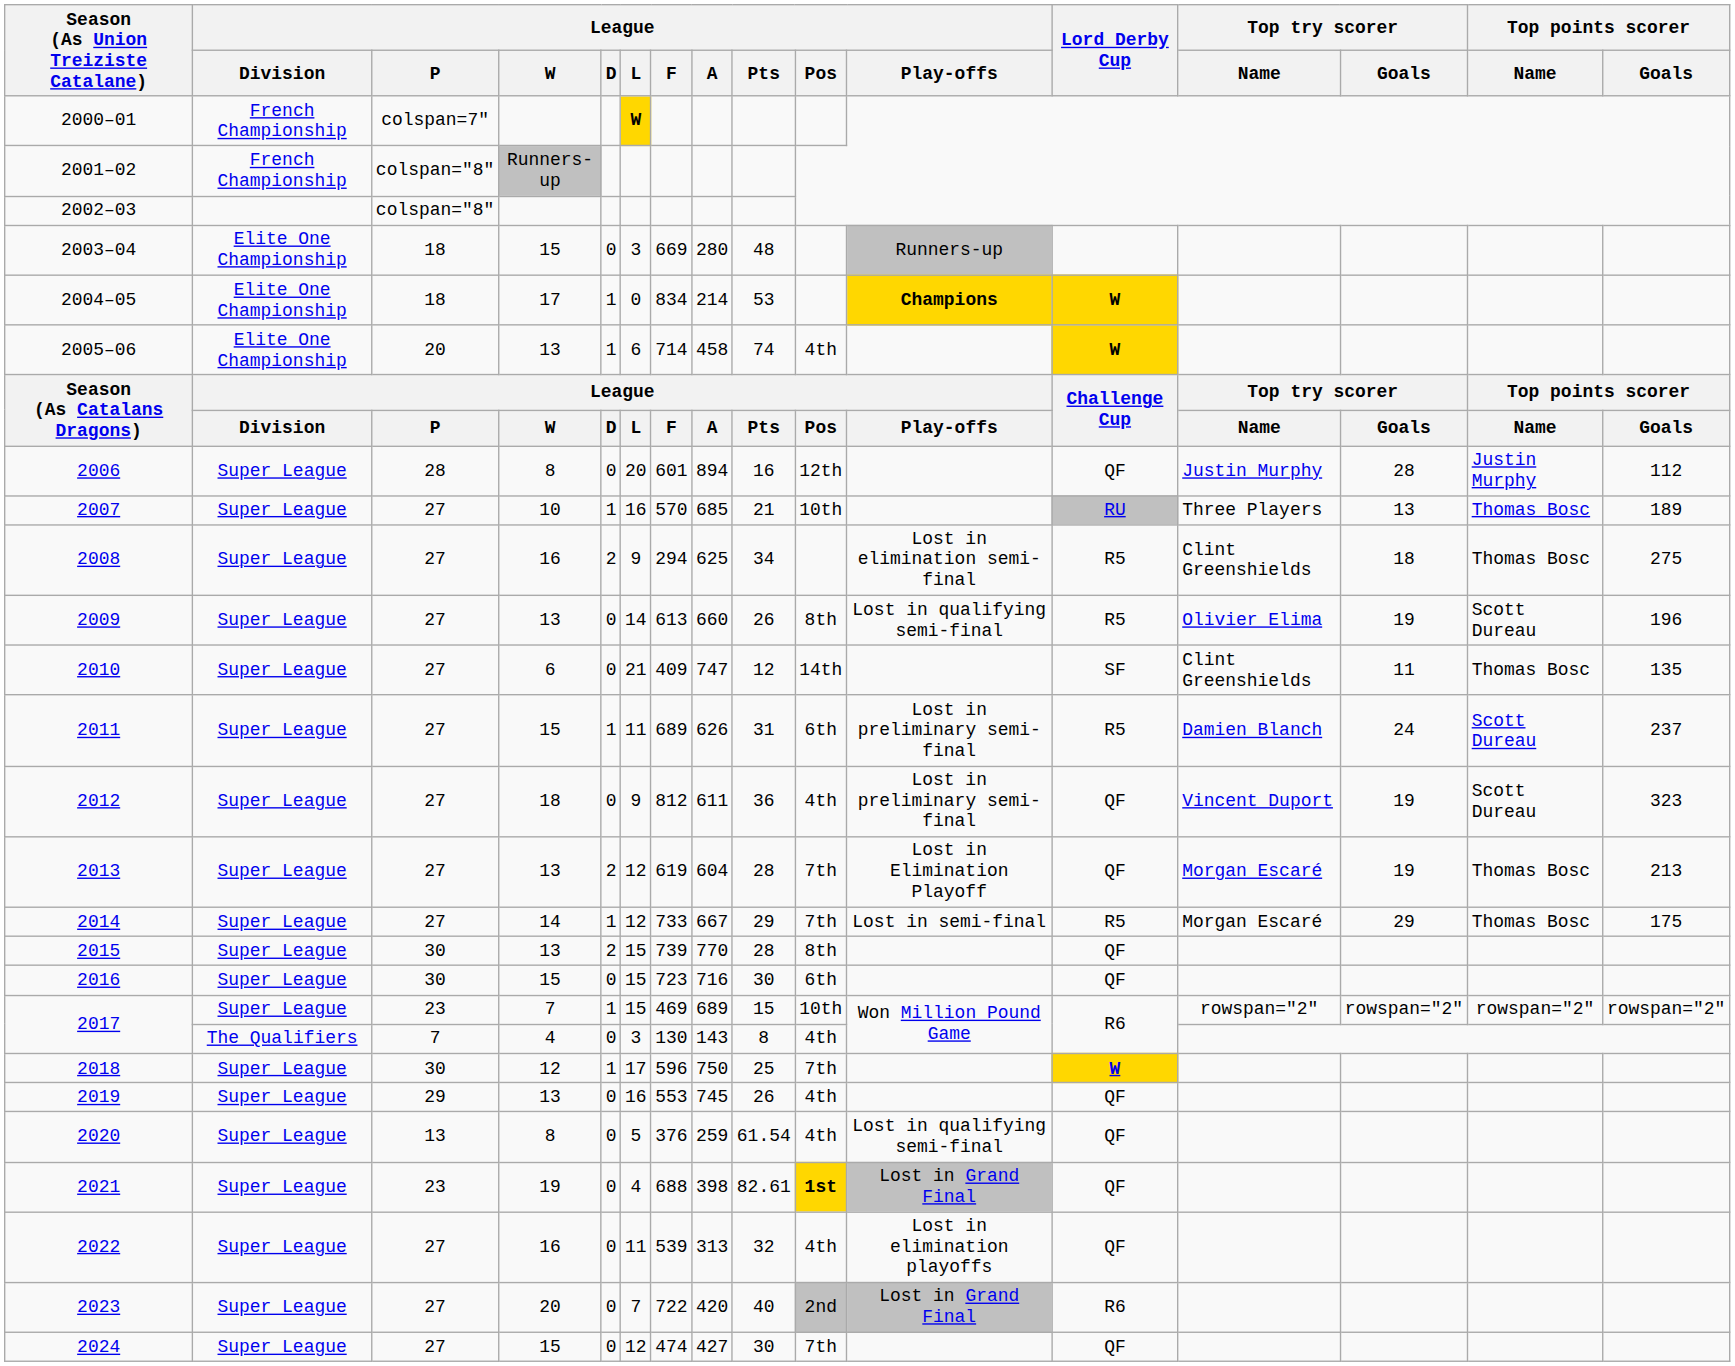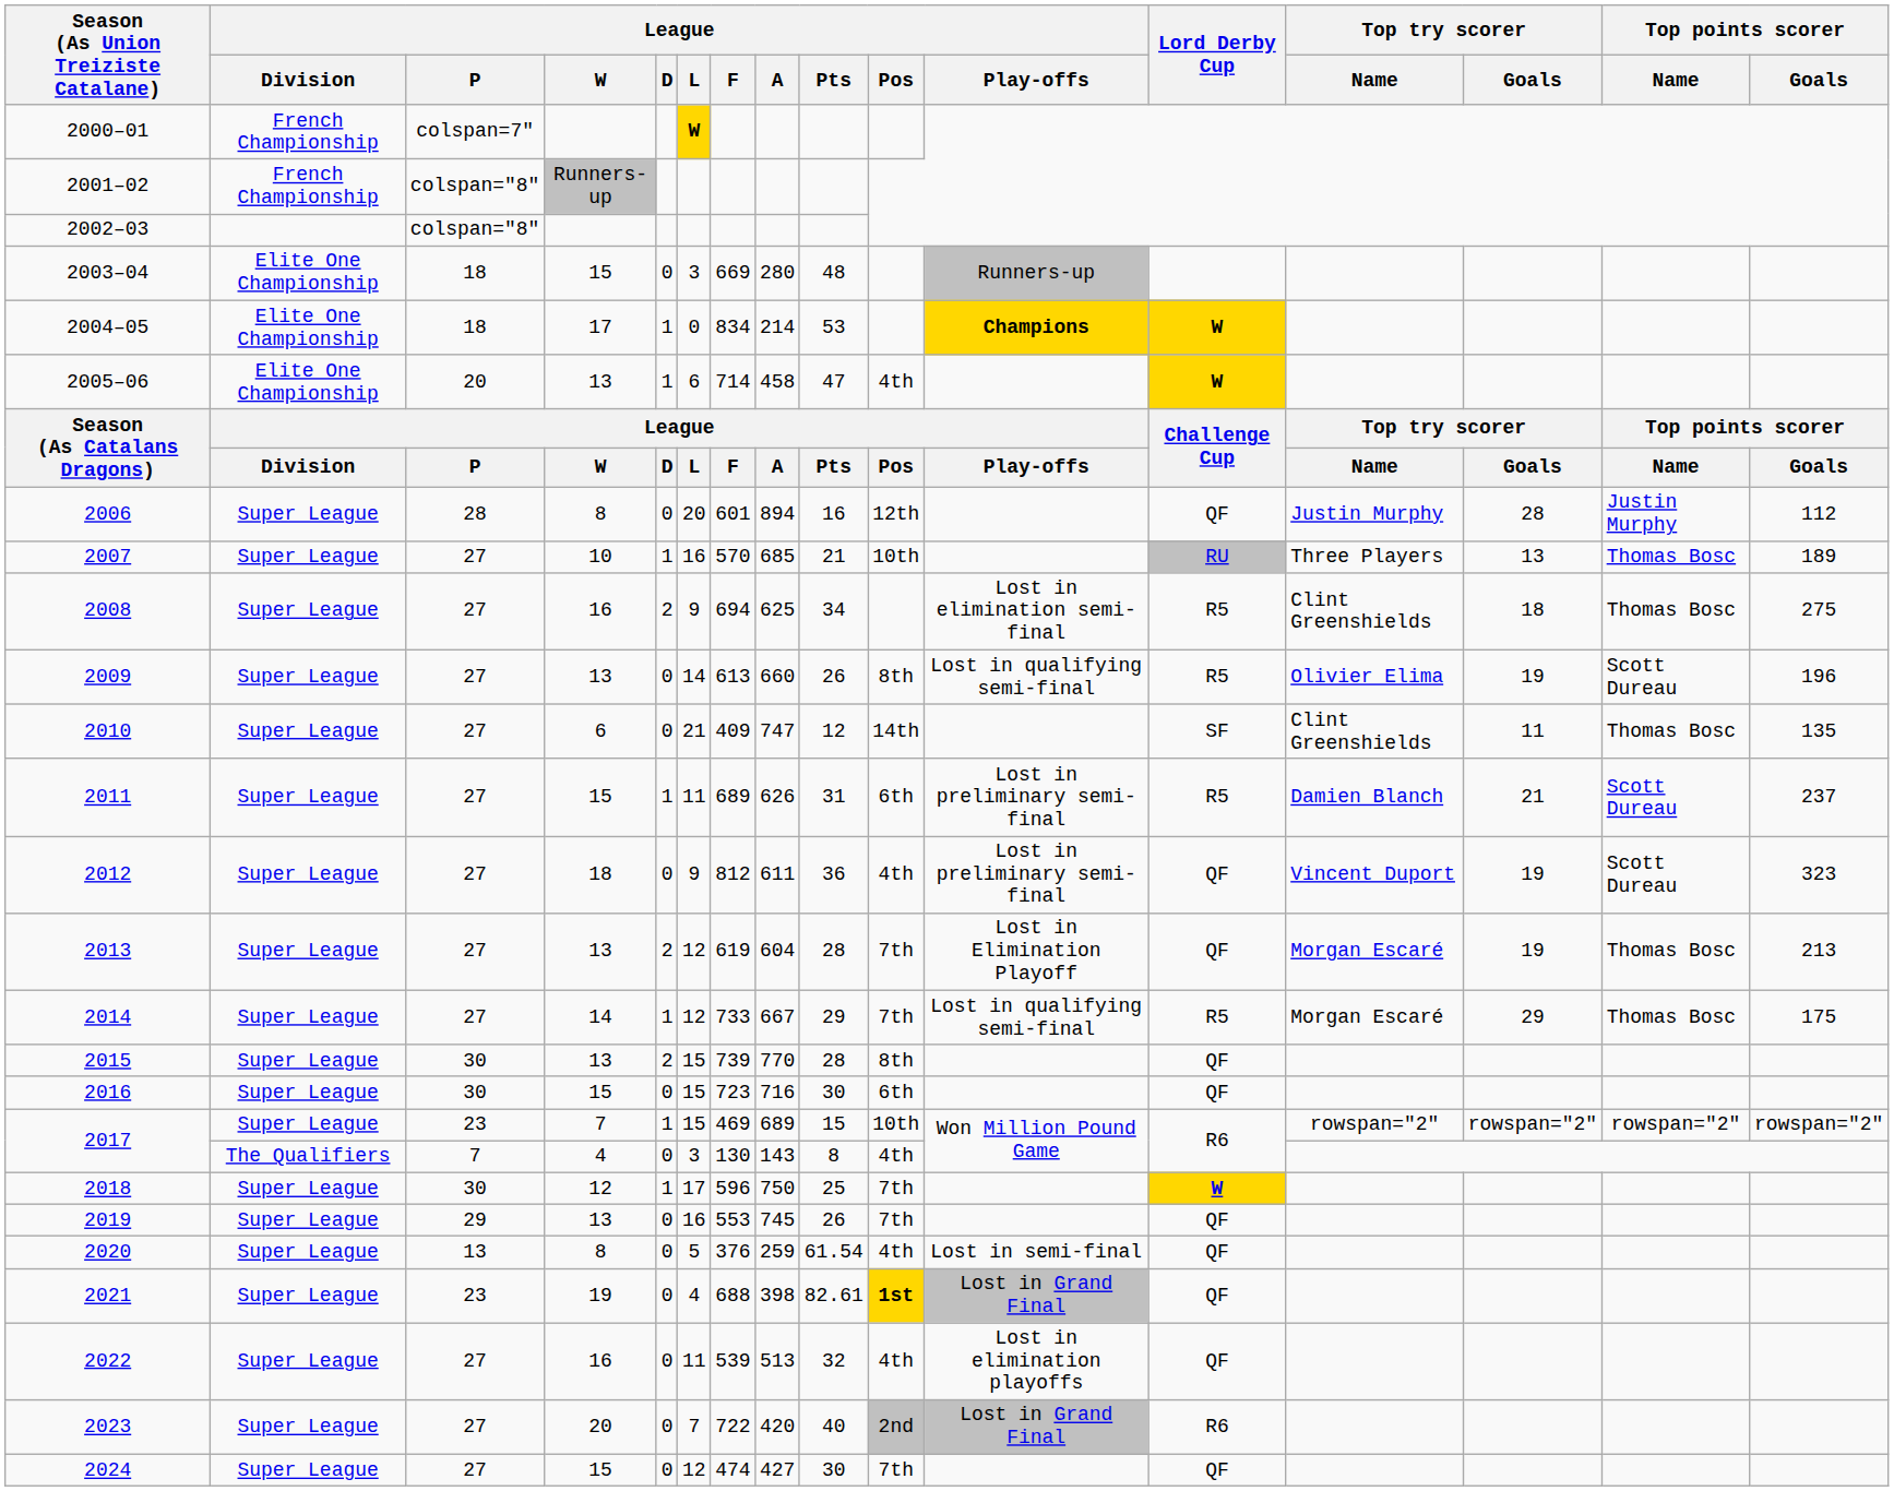 <table class="wikitable" style="text-align: center">
 <tr>
 <th rowspan=2>Season<br>(As  <a href='#'>Union Treiziste Catalane</a>)</th>
 <th colspan=10>League</th>
 <th rowspan=2><a href='#'>Lord Derby Cup</a></th>
 <th colspan=2>Top try scorer</th>
 <th colspan=2>Top points scorer</th>
 </tr>
 <tr>
 <th>Division</th>
 <th>P</th>
 <th>W</th>
 <th>D</th>
 <th>L</th>
 <th>F</th>
 <th>A</th>
 <th>Pts</th>
 <th>Pos</th>
 <th>Play-offs</th>
 <th>Name</th>
 <th>Goals</th>
 <th>Name</th>
 <th>Goals</th>
 </tr>
 <tr>
 <td>2000–01</td>
 <td><a href='#'>French Championship</a></td>
 <td>colspan=7"</td>
 <td></td>
 <td></td>
 <td bgcolor=gold><strong>W</strong></td>
 <td></td>
 <td></td>
 <td></td>
 <td></td>
 </tr>
 <tr>
 <td>2001–02</td>
 <td><a href='#'>French Championship</a></td>
 <td>colspan="8"</td>
 <td bgcolor=silver>Runners-up</td>
 <td></td>
 <td></td>
 <td></td>
 <td></td>
 <td></td>
 </tr>
 <tr>
 <td>2002–03</td>
 <td></td>
 <td>colspan="8"</td>
 <td></td>
 <td></td>
 <td></td>
 <td></td>
 <td></td>
 <td></td>
 </tr>
 <tr>
 <td>2003–04</td>
 <td><a href='#'>Elite One Championship</a></td>
 <td>18</td>
 <td>15</td>
 <td>0</td>
 <td>3</td>
 <td>669</td>
 <td>280</td>
 <td>48</td>
 <td></td>
 <td bgcolor=silver>Runners-up</td>
 <td></td>
 <td></td>
 <td></td>
 <td></td>
 <td></td>
 </tr>
 <tr>
 <td>2004–05</td>
 <td><a href='#'>Elite One Championship</a></td>
 <td>18</td>
 <td>17</td>
 <td>1</td>
 <td>0</td>
 <td>834</td>
 <td>214</td>
 <td>53</td>
 <td></td>
 <td bgcolor=gold><strong>Champions</strong></td>
 <td bgcolor=gold><strong>W</strong></td>
 <td></td>
 <td></td>
 <td></td>
 <td></td>
 </tr>
 <tr>
 <td>2005–06</td>
 <td><a href='#'>Elite One Championship</a></td>
 <td>20</td>
 <td>13</td>
 <td>1</td>
 <td>6</td>
 <td>714</td>
 <td>458</td>
-<td>74</td>
+<td>47</td>
 <td>4th</td>
 <td></td>
 <td bgcolor=gold><strong>W</strong></td>
 <td></td>
 <td></td>
 <td></td>
 <td></td>
 </tr>
 <tr>
 <th rowspan=2>Season<br>(As  <a href='#'>Catalans Dragons</a>)</th>
 <th colspan=10>League</th>
 <th rowspan=2><a href='#'>Challenge Cup</a></th>
 <th colspan=2>Top try scorer</th>
 <th colspan=2>Top points scorer</th>
 </tr>
 <tr>
 <th>Division</th>
 <th>P</th>
 <th>W</th>
 <th>D</th>
 <th>L</th>
 <th>F</th>
 <th>A</th>
 <th>Pts</th>
 <th>Pos</th>
 <th>Play-offs</th>
 <th>Name</th>
 <th>Goals</th>
 <th>Name</th>
 <th>Goals</th>
 </tr>
 <tr>
 <td><a href='#'>2006</a></td>
 <td><a href='#'>Super League</a></td>
 <td>28</td>
 <td>8</td>
 <td>0</td>
 <td>20</td>
 <td>601</td>
 <td>894</td>
 <td>16</td>
 <td>12th</td>
 <td></td>
 <td>QF</td>
 <td align=left><a href='#'>Justin Murphy</a></td>
 <td>28</td>
 <td align=left><a href='#'>Justin Murphy</a></td>
 <td>112</td>
 </tr>
 <tr>
 <td><a href='#'>2007</a></td>
 <td><a href='#'>Super League</a></td>
 <td>27</td>
 <td>10</td>
 <td>1</td>
 <td>16</td>
 <td>570</td>
 <td>685</td>
 <td>21</td>
 <td>10th</td>
 <td></td>
 <td bgcolor=silver><a href='#'>RU</a></td>
 <td align=left>Three Players</td>
 <td>13</td>
 <td align=left><a href='#'>Thomas Bosc</a></td>
 <td>189</td>
 </tr>
 <tr>
 <td><a href='#'>2008</a></td>
 <td><a href='#'>Super League</a></td>
 <td>27</td>
 <td>16</td>
 <td>2</td>
 <td>9</td>
-<td>294</td>
+<td>694</td>
 <td>625</td>
 <td>34</td>
 <td></td>
 <td>Lost in elimination semi-final</td>
 <td>R5</td>
 <td align=left>Clint Greenshields</td>
 <td>18</td>
 <td align=left>Thomas Bosc</td>
 <td>275</td>
 </tr>
 <tr>
 <td><a href='#'>2009</a></td>
 <td><a href='#'>Super League</a></td>
 <td>27</td>
 <td>13</td>
 <td>0</td>
 <td>14</td>
 <td>613</td>
 <td>660</td>
 <td>26</td>
 <td>8th</td>
 <td>Lost in qualifying semi-final</td>
 <td>R5</td>
 <td align=left><a href='#'>Olivier Elima</a></td>
 <td>19</td>
 <td align=left>Scott Dureau</td>
 <td>196</td>
 </tr>
 <tr>
 <td><a href='#'>2010</a></td>
 <td><a href='#'>Super League</a></td>
 <td>27</td>
 <td>6</td>
 <td>0</td>
 <td>21</td>
 <td>409</td>
 <td>747</td>
 <td>12</td>
 <td>14th</td>
 <td></td>
 <td>SF</td>
 <td align=left>Clint Greenshields</td>
 <td>11</td>
 <td align=left>Thomas Bosc</td>
 <td>135</td>
 </tr>
 <tr>
 <td><a href='#'>2011</a></td>
 <td><a href='#'>Super League</a></td>
 <td>27</td>
 <td>15</td>
 <td>1</td>
 <td>11</td>
 <td>689</td>
 <td>626</td>
 <td>31</td>
 <td>6th</td>
 <td>Lost in preliminary semi-final</td>
 <td>R5</td>
 <td align=left><a href='#'>Damien Blanch</a></td>
-<td>24</td>
+<td>21</td>
 <td align=left><a href='#'>Scott Dureau</a></td>
 <td>237</td>
 </tr>
 <tr>
 <td><a href='#'>2012</a></td>
 <td><a href='#'>Super League</a></td>
 <td>27</td>
 <td>18</td>
 <td>0</td>
 <td>9</td>
 <td>812</td>
 <td>611</td>
 <td>36</td>
 <td>4th</td>
 <td>Lost in preliminary semi-final</td>
 <td>QF</td>
 <td align=left><a href='#'>Vincent Duport</a></td>
 <td>19</td>
 <td align=left>Scott Dureau</td>
 <td>323</td>
 </tr>
 <tr>
 <td><a href='#'>2013</a></td>
 <td><a href='#'>Super League</a></td>
 <td>27</td>
 <td>13</td>
 <td>2</td>
 <td>12</td>
 <td>619</td>
 <td>604</td>
 <td>28</td>
 <td>7th</td>
 <td>Lost in Elimination Playoff</td>
 <td>QF</td>
 <td align=left><a href='#'>Morgan Escaré</a></td>
 <td>19</td>
 <td align=left>Thomas Bosc</td>
 <td>213</td>
 </tr>
 <tr>
 <td><a href='#'>2014</a></td>
 <td><a href='#'>Super League</a></td>
 <td>27</td>
 <td>14</td>
 <td>1</td>
 <td>12</td>
 <td>733</td>
 <td>667</td>
 <td>29</td>
 <td>7th</td>
-<td>Lost in semi-final</td>
+<td>Lost in qualifying semi-final</td>
 <td>R5</td>
 <td align=left>Morgan Escaré</td>
 <td>29</td>
 <td align=left>Thomas Bosc</td>
 <td>175</td>
 </tr>
 <tr>
 <td><a href='#'>2015</a></td>
 <td><a href='#'>Super League</a></td>
 <td>30</td>
 <td>13</td>
 <td>2</td>
 <td>15</td>
 <td>739</td>
 <td>770</td>
 <td>28</td>
 <td>8th</td>
 <td></td>
 <td>QF</td>
 <td></td>
 <td></td>
 <td></td>
 <td></td>
 </tr>
 <tr>
 <td><a href='#'>2016</a></td>
 <td><a href='#'>Super League</a></td>
 <td>30</td>
 <td>15</td>
 <td>0</td>
 <td>15</td>
 <td>723</td>
 <td>716</td>
 <td>30</td>
 <td>6th</td>
 <td></td>
 <td>QF</td>
 <td></td>
 <td></td>
 <td></td>
 <td></td>
 </tr>
 <tr>
 <td rowspan="2"><a href='#'>2017</a></td>
 <td><a href='#'>Super League</a></td>
 <td>23</td>
 <td>7</td>
 <td>1</td>
 <td>15</td>
 <td>469</td>
 <td>689</td>
 <td>15</td>
 <td>10th</td>
 <td rowspan="2">Won <a href='#'>Million Pound Game</a></td>
 <td rowspan="2">R6</td>
 <td>rowspan="2"</td>
 <td>rowspan="2"</td>
 <td>rowspan="2"</td>
 <td>rowspan="2"</td>
 </tr>
 <tr>
 <td><a href='#'>The Qualifiers</a></td>
 <td>7</td>
 <td>4</td>
 <td>0</td>
 <td>3</td>
 <td>130</td>
 <td>143</td>
 <td>8</td>
 <td>4th</td>
 </tr>
 <tr>
 <td><a href='#'>2018</a></td>
 <td><a href='#'>Super League</a></td>
 <td>30</td>
 <td>12</td>
 <td>1</td>
 <td>17</td>
 <td>596</td>
 <td>750</td>
 <td>25</td>
 <td>7th</td>
 <td></td>
 <td bgcolor=gold><strong><a href='#'>W</a></strong></td>
 <td></td>
 <td></td>
 <td></td>
 <td></td>
 </tr>
 <tr>
 <td><a href='#'>2019</a></td>
 <td><a href='#'>Super League</a></td>
 <td>29</td>
 <td>13</td>
 <td>0</td>
 <td>16</td>
 <td>553</td>
 <td>745</td>
 <td>26</td>
-<td>4th</td>
+<td>7th</td>
 <td></td>
 <td>QF</td>
 <td></td>
 <td></td>
 <td></td>
 <td></td>
 </tr>
 <tr>
 <td><a href='#'>2020</a></td>
 <td><a href='#'>Super League</a></td>
 <td>13</td>
 <td>8</td>
 <td>0</td>
 <td>5</td>
 <td>376</td>
 <td>259</td>
 <td>61.54</td>
 <td>4th</td>
-<td>Lost in qualifying semi-final</td>
+<td>Lost in semi-final</td>
 <td>QF</td>
 <td></td>
 <td></td>
 <td></td>
 <td></td>
 </tr>
 <tr>
 <td><a href='#'>2021</a></td>
 <td><a href='#'>Super League</a></td>
 <td>23</td>
 <td>19</td>
 <td>0</td>
 <td>4</td>
 <td>688</td>
 <td>398</td>
 <td>82.61</td>
 <td bgcolor=gold><strong>1st</strong></td>
 <td bgcolor=silver>Lost in <a href='#'>Grand Final</a></td>
 <td>QF</td>
 <td></td>
 <td></td>
 <td></td>
 <td></td>
 </tr>
 <tr>
 <td><a href='#'>2022</a></td>
 <td><a href='#'>Super League</a></td>
 <td>27</td>
 <td>16</td>
 <td>0</td>
 <td>11</td>
 <td>539</td>
-<td>313</td>
+<td>513</td>
 <td>32</td>
 <td>4th</td>
 <td>Lost in elimination playoffs</td>
 <td>QF</td>
 <td></td>
 <td></td>
 <td></td>
 <td></td>
 </tr>
 <tr>
 <td><a href='#'>2023</a></td>
 <td><a href='#'>Super League</a></td>
 <td>27</td>
 <td>20</td>
 <td>0</td>
 <td>7</td>
 <td>722</td>
 <td>420</td>
 <td>40</td>
 <td bgcolor=silver>2nd</td>
 <td bgcolor=silver>Lost in <a href='#'>Grand Final</a></td>
 <td>R6</td>
 <td></td>
 <td></td>
 <td></td>
 <td></td>
 </tr>
 <tr>
 <td><a href='#'>2024</a></td>
 <td><a href='#'>Super League</a></td>
 <td>27</td>
 <td>15</td>
 <td>0</td>
 <td>12</td>
 <td>474</td>
 <td>427</td>
 <td>30</td>
 <td>7th</td>
 <td></td>
 <td>QF</td>
 <td></td>
 <td></td>
 <td></td>
 <td></td>
 </tr>
 </table>
